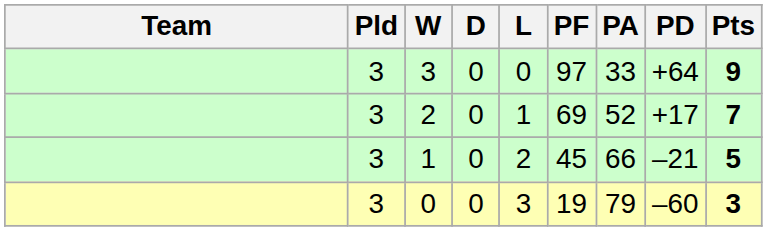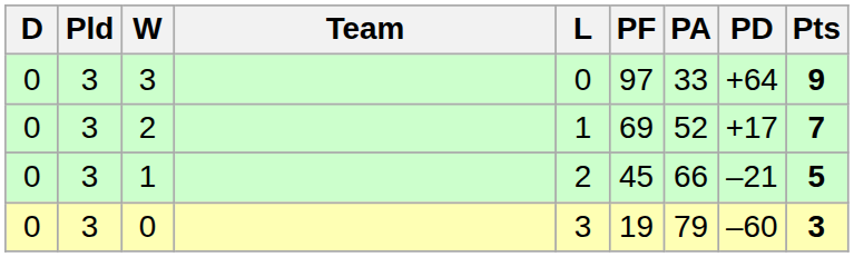 <table class="wikitable" style="text-align:center;">
 <tr>
-<th width=190>Team</th>
+<th width=20 abbr="Drawn">D</th>
 <th width=20 abbr="Played">Pld</th>
 <th width=20 abbr="Won">W</th>
-<th width=20 abbr="Drawn">D</th>
+<th width=190>Team</th>
 <th width=20 abbr="Lost">L</th>
 <th width=20 abbr="Points for">PF</th>
 <th width=20 abbr="Points against">PA</th>
 <th width=25 abbr="Points difference">PD</th>
 <th width=20 abbr="Points">Pts</th>
 </tr>
 <tr style="background:#ccffcc">
-<td align=left></td>
+<td>0</td>
 <td>3</td>
 <td>3</td>
-<td>0</td>
+<td align=left></td>
 <td>0</td>
 <td>97</td>
 <td>33</td>
 <td>+64</td>
 <td><strong>9</strong></td>
 </tr>
 <tr style="background:#ccffcc">
-<td align=left></td>
+<td>0</td>
 <td>3</td>
 <td>2</td>
-<td>0</td>
+<td align=left></td>
 <td>1</td>
 <td>69</td>
 <td>52</td>
 <td>+17</td>
 <td><strong>7</strong></td>
 </tr>
 <tr style="background:#ccffcc">
-<td align=left></td>
+<td>0</td>
 <td>3</td>
 <td>1</td>
-<td>0</td>
+<td align=left></td>
 <td>2</td>
 <td>45</td>
 <td>66</td>
 <td>–21</td>
 <td><strong>5</strong></td>
 </tr>
 <tr style="background:#feffb4">
-<td align=left></td>
+<td>0</td>
 <td>3</td>
 <td>0</td>
-<td>0</td>
+<td align=left></td>
 <td>3</td>
 <td>19</td>
 <td>79</td>
 <td>–60</td>
 <td><strong>3</strong></td>
 </tr>
 </table>
